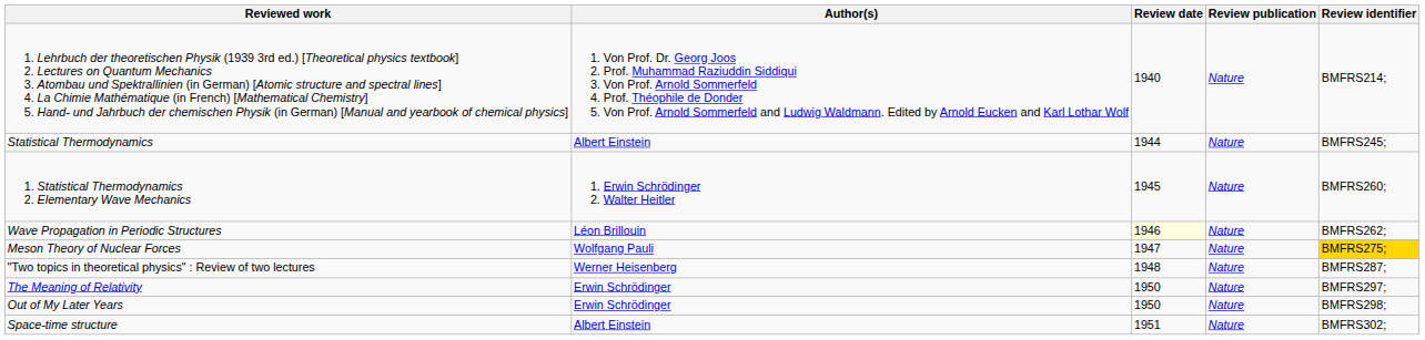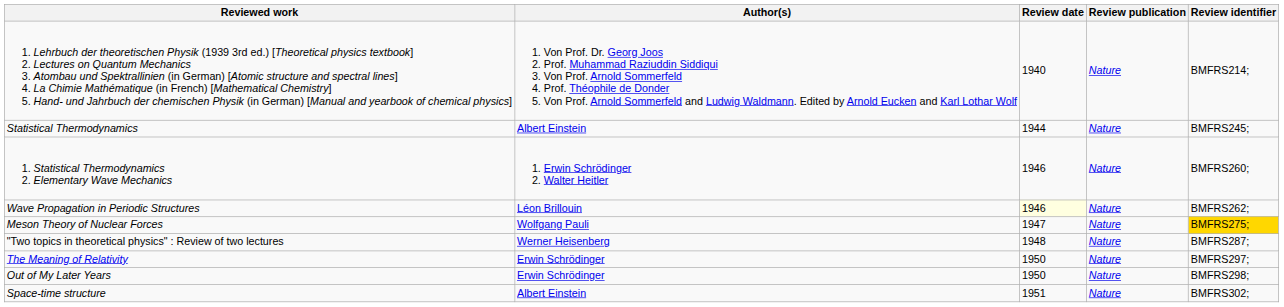 <table class="wikitable sortable" width="auto" style="text-align: left">
 <tr>
 <th>Reviewed work</th>
 <th>Author(s)</th>
 <th>Review date</th>
 <th>Review publication</th>
 <th>Review identifier</th>
 </tr>
 <tr>
 <td><br><ol><li><em>Lehrbuch der theoretischen Physik</em> (1939 3rd ed.) [<em>Theoretical physics textbook</em>]</li><li><em>Lectures on Quantum Mechanics</em></li><li><em>Atombau und Spektrallinien</em> (in German) [<em>Atomic structure and spectral lines</em>]</li><li><em>La Chimie Mathématique</em> (in French) [<em>Mathematical Chemistry</em>]</li><li><em>Hand- und Jahrbuch der chemischen Physik</em> (in German) [<em>Manual and yearbook of chemical physics</em>]</li></ol></td>
 <td><br><ol><li>Von Prof. Dr. <a href='#'>Georg Joos</a></li><li>Prof. <a href='#'>Muhammad Raziuddin Siddiqui</a></li><li>Von Prof. <a href='#'>Arnold Sommerfeld</a></li><li>Prof. <a href='#'>Théophile de Donder</a></li><li>Von Prof. <a href='#'>Arnold Sommerfeld</a> and <a href='#'>Ludwig Waldmann</a>. Edited by <a href='#'>Arnold Eucken</a> and <a href='#'>Karl Lothar Wolf</a></li></ol></td>
 <td>1940</td>
 <td><em><a href='#'>Nature</a></em></td>
 <td>BMFRS214; </td>
 </tr>
 <tr>
 <td><em>Statistical Thermodynamics</em></td>
 <td><a href='#'>Albert Einstein</a></td>
 <td>1944</td>
 <td><em><a href='#'>Nature</a></em></td>
 <td>BMFRS245; </td>
 </tr>
 <tr>
 <td><br><ol><li><em>Statistical Thermodynamics</em></li><li><em>Elementary Wave Mechanics</em></li></ol></td>
 <td><br><ol><li><a href='#'>Erwin Schrödinger</a></li><li><a href='#'>Walter Heitler</a></li></ol></td>
-<td>1945</td>
+<td>1946</td>
 <td><em><a href='#'>Nature</a></em></td>
 <td>BMFRS260; </td>
 </tr>
 <tr>
 <td><em>Wave Propagation in Periodic Structures</em></td>
 <td><a href='#'>Léon Brillouin</a></td>
 <td style="background: lightyellow;">1946</td>
 <td><em><a href='#'>Nature</a></em></td>
 <td>BMFRS262; </td>
 </tr>
 <tr>
 <td><em>Meson Theory of Nuclear Forces</em></td>
 <td><a href='#'>Wolfgang Pauli</a></td>
 <td>1947</td>
 <td><em><a href='#'>Nature</a></em></td>
 <td style="background: gold;">BMFRS275; </td>
 </tr>
 <tr>
 <td>"Two topics in theoretical physics" : Review of two lectures</td>
 <td><a href='#'>Werner Heisenberg</a></td>
 <td>1948</td>
 <td><em><a href='#'>Nature</a></em></td>
 <td>BMFRS287; </td>
 </tr>
 <tr>
 <td><em><a href='#'>The Meaning of Relativity</a></em></td>
 <td><a href='#'>Erwin Schrödinger</a></td>
 <td>1950</td>
 <td><em><a href='#'>Nature</a></em></td>
 <td>BMFRS297; </td>
 </tr>
 <tr>
 <td><em>Out of My Later Years</em></td>
 <td><a href='#'>Erwin Schrödinger</a></td>
 <td>1950</td>
 <td><em><a href='#'>Nature</a></em></td>
 <td>BMFRS298; </td>
 </tr>
 <tr>
 <td><em>Space-time structure</em></td>
 <td><a href='#'>Albert Einstein</a></td>
 <td>1951</td>
 <td><em><a href='#'>Nature</a></em></td>
 <td>BMFRS302; </td>
 </tr>
 </table>
